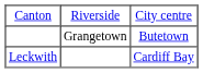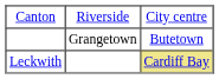 <table border=1 cellpadding=3 cellspacing=0 align=center style="text-align:center;">
 <tr>
 <td><a href='#'>Canton</a></td>
 <td><a href='#'>Riverside</a></td>
 <td><a href='#'>City centre</a></td>
 </tr>
 <tr>
 <td></td>
 <td>Grangetown</td>
 <td><a href='#'>Butetown</a></td>
 </tr>
 <tr>
 <td><a href='#'>Leckwith</a></td>
 <td></td>
-<td><a href='#'>Cardiff Bay</a></td>
+<td style="background: khaki;"><a href='#'>Cardiff Bay</a></td>
 </tr>
 </table>
